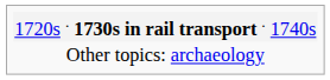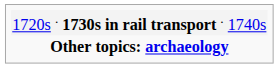 <table class="infobox">
 <tr style="background:#f3f3f3;">
 <td style="text-align:center;"><a href='#'>1720s</a> <sup>.</sup> <strong>1730s in rail transport</strong> <sup>.</sup> <a href='#'>1740s</a></td>
 </tr>
 <tr>
-<td style="text-align:center;">Other topics: <a href='#'>archaeology</a></td>
+<td style="text-align:center;"><strong>Other topics: <a href='#'>archaeology</a></strong></td>
 </tr>
 </table>
